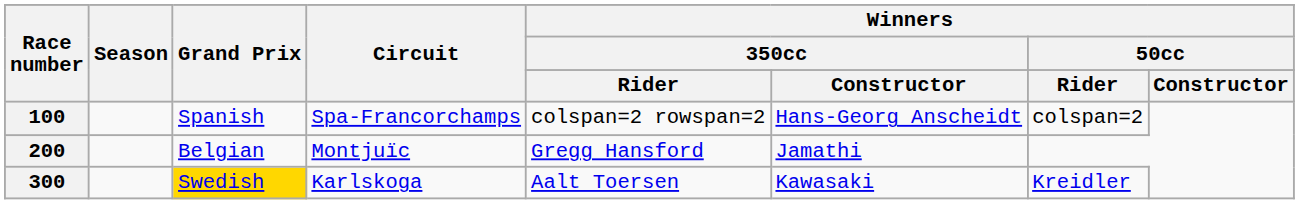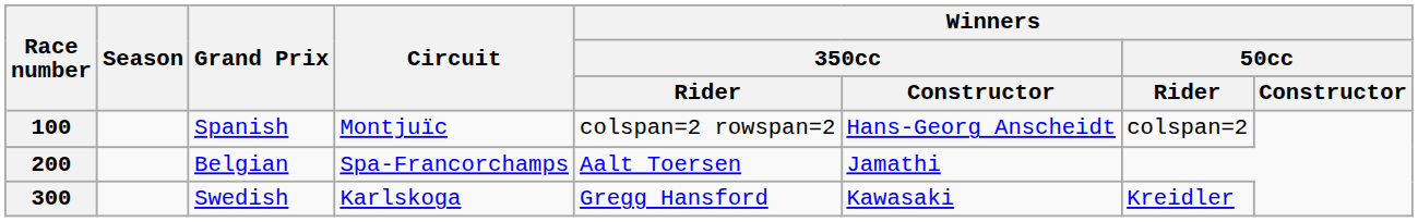 <table class="wikitable sortable" style="font-size: 85%;">
 <tr>
 <th rowspan="3">Race<br>number</th>
 <th rowspan="3">Season</th>
 <th rowspan="3">Grand Prix</th>
 <th rowspan="3">Circuit</th>
 <th colspan="4">Winners</th>
 </tr>
 <tr>
 <th colspan="2">350cc</th>
 <th colspan="2">50cc</th>
 </tr>
 <tr>
 <th scope="col">Rider</th>
 <th scope="col">Constructor</th>
 <th scope="col">Rider</th>
 <th scope="col">Constructor</th>
 </tr>
 <tr>
 <th>100</th>
 <td align="center"></td>
 <td data-sort-value="SPA"> <a href='#'>Spanish</a></td>
-<td nowrap><a href='#'>Spa-Francorchamps</a></td>
+<td><a href='#'>Montjuïc</a></td>
 <td>colspan=2 rowspan=2 </td>
 <td data-sort-value="ANS" nowrap> <a href='#'>Hans-Georg Anscheidt</a></td>
 <td>colspan=2 </td>
 </tr>
 <tr>
 <th>200</th>
 <td align="center"></td>
 <td data-sort-value="BEL"> <a href='#'>Belgian</a></td>
-<td><a href='#'>Montjuïc</a></td>
-<td data-sort-value="HAN" nowrap> <a href='#'>Gregg Hansford</a></td>
+<td nowrap><a href='#'>Spa-Francorchamps</a></td>
+<td data-sort-value="TOE"> <a href='#'>Aalt Toersen</a></td>
 <td data-sort-value="JAM"> <a href='#'>Jamathi</a></td>
 </tr>
 <tr>
 <th>300</th>
 <td align="center"></td>
-<td data-sort-value="SWE" style="background: gold;"> <a href='#'>Swedish</a></td>
+<td data-sort-value="SWE"> <a href='#'>Swedish</a></td>
 <td><a href='#'>Karlskoga</a></td>
-<td data-sort-value="TOE"> <a href='#'>Aalt Toersen</a></td>
+<td data-sort-value="HAN" nowrap> <a href='#'>Gregg Hansford</a></td>
 <td data-sort-value="KAW" nowrap> <a href='#'>Kawasaki</a></td>
 <td data-sort-value="KRE"> <a href='#'>Kreidler</a></td>
 </tr>
 </table>
